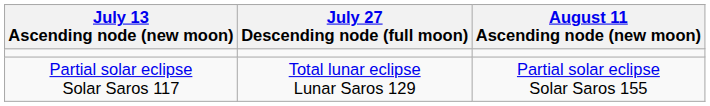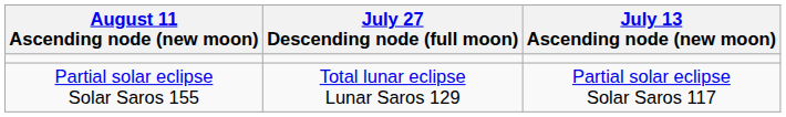 <table class="wikitable">
 <tr>
+<th><a href='#'>August 11</a><br>Ascending node (new moon)<br></th>
+<th><a href='#'>July 27</a><br>Descending node (full moon)<br></th>
 <th><a href='#'>July 13</a><br>Ascending node (new moon)<br></th>
-<th><a href='#'>July 27</a><br>Descending node (full moon)<br></th>
-<th><a href='#'>August 11</a><br>Ascending node (new moon)<br></th>
 </tr>
 <tr>
 <td></td>
 <td></td>
 <td></td>
 </tr>
 <tr align=center>
+<td><a href='#'>Partial solar eclipse</a><br>Solar Saros 155</td>
+<td><a href='#'>Total lunar eclipse</a><br>Lunar Saros 129</td>
 <td><a href='#'>Partial solar eclipse</a><br>Solar Saros 117</td>
-<td><a href='#'>Total lunar eclipse</a><br>Lunar Saros 129</td>
-<td><a href='#'>Partial solar eclipse</a><br>Solar Saros 155</td>
 </tr>
 </table>
